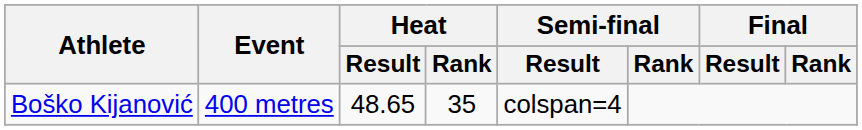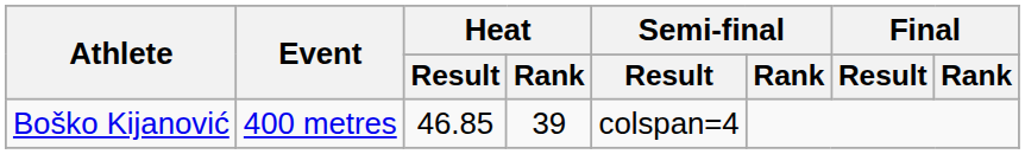 <table class="wikitable" style="font-size:90%">
 <tr>
 <th rowspan="2">Athlete</th>
 <th rowspan="2">Event</th>
 <th colspan="2">Heat</th>
 <th colspan="2">Semi-final</th>
 <th colspan="2">Final</th>
 </tr>
 <tr style="font-size:95%">
 <th>Result</th>
 <th>Rank</th>
 <th>Result</th>
 <th>Rank</th>
 <th>Result</th>
 <th>Rank</th>
 </tr>
 <tr style=text-align:center>
 <td style=text-align:left><a href='#'>Boško Kijanović</a></td>
 <td style=text-align:left><a href='#'>400 metres</a></td>
-<td>48.65</td>
-<td>35</td>
+<td>46.85</td>
+<td>39</td>
 <td>colspan=4 </td>
 </tr>
 </table>
